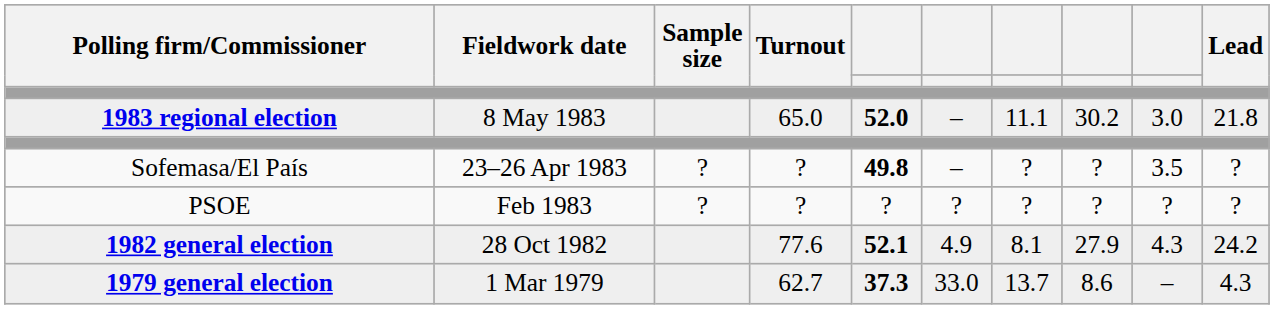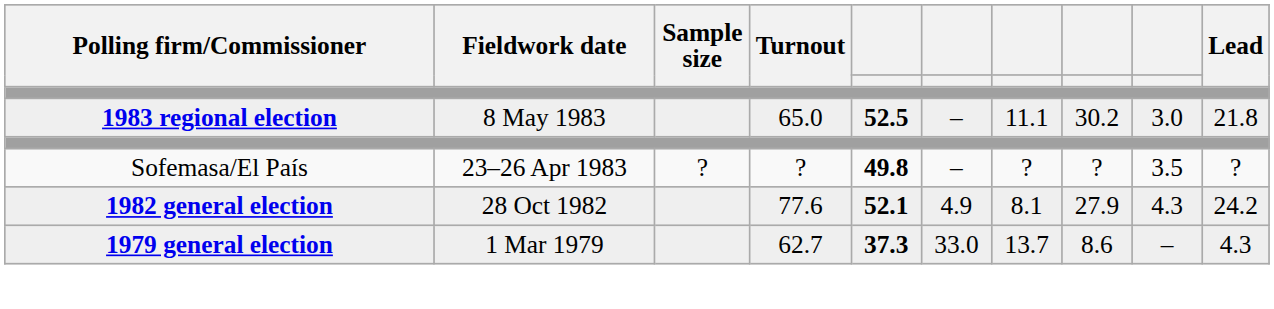 <table class="wikitable collapsible collapsed" style="text-align:center; font-size:95%; line-height:16px;">
 <tr style="height:42px;">
 <th style="width:250px;" rowspan="2">Polling firm/Commissioner</th>
 <th style="width:125px;" rowspan="2">Fieldwork date</th>
 <th style="width:50px;" rowspan="2">Sample size</th>
 <th style="width:45px;" rowspan="2">Turnout</th>
 <th style="width:35px;"></th>
 <th style="width:35px;"></th>
 <th style="width:35px;"></th>
 <th style="width:35px;"></th>
 <th style="width:35px;"></th>
 <th style="width:30px;" rowspan="2">Lead</th>
 </tr>
 <tr>
 <th style="color:inherit;background:"></th>
 <th style="color:inherit;background:"></th>
 <th style="color:inherit;background:"></th>
 <th style="color:inherit;background:"></th>
 <th style="color:inherit;background:"></th>
 </tr>
 <tr>
 <td colspan="10" style="background:#A0A0A0"></td>
 </tr>
 <tr style="background:#EFEFEF;">
 <td><strong><a href='#'>1983 regional election</a></strong></td>
 <td>8 May 1983</td>
 <td></td>
 <td>65.0</td>
-<td><strong>52.0</strong><br></td>
+<td><strong>52.5</strong><br></td>
 <td>–</td>
 <td>11.1<br></td>
 <td>30.2<br></td>
 <td>3.0<br></td>
 <td style="background:">21.8</td>
 </tr>
 <tr>
 <td colspan="10" style="background:#A0A0A0"></td>
 </tr>
 <tr>
 <td>Sofemasa/El País</td>
 <td>23–26 Apr 1983</td>
 <td>?</td>
 <td>?</td>
 <td><strong>49.8</strong><br></td>
 <td>–</td>
 <td>?<br></td>
 <td>?<br></td>
 <td>3.5<br></td>
-<td style="background:">?</td>
-</tr>
-<tr>
-<td>PSOE</td>
-<td>Feb 1983</td>
-<td>?</td>
-<td>?</td>
-<td>?<br></td>
-<td>?<br></td>
-<td>?<br></td>
-<td>?<br></td>
-<td>?<br></td>
 <td style="background:">?</td>
 </tr>
 <tr style="background:#EFEFEF;">
 <td><strong><a href='#'>1982 general election</a></strong></td>
 <td>28 Oct 1982</td>
 <td></td>
 <td>77.6</td>
 <td><strong>52.1</strong><br></td>
 <td>4.9<br></td>
 <td>8.1<br></td>
 <td>27.9<br></td>
 <td>4.3<br></td>
 <td style="background:">24.2</td>
 </tr>
 <tr style="background:#EFEFEF;">
 <td><strong><a href='#'>1979 general election</a></strong></td>
 <td>1 Mar 1979</td>
 <td></td>
 <td>62.7</td>
 <td><strong>37.3</strong><br></td>
 <td>33.0<br></td>
 <td>13.7<br></td>
 <td>8.6<br></td>
 <td>–</td>
 <td style="background:">4.3</td>
 </tr>
 </table>
